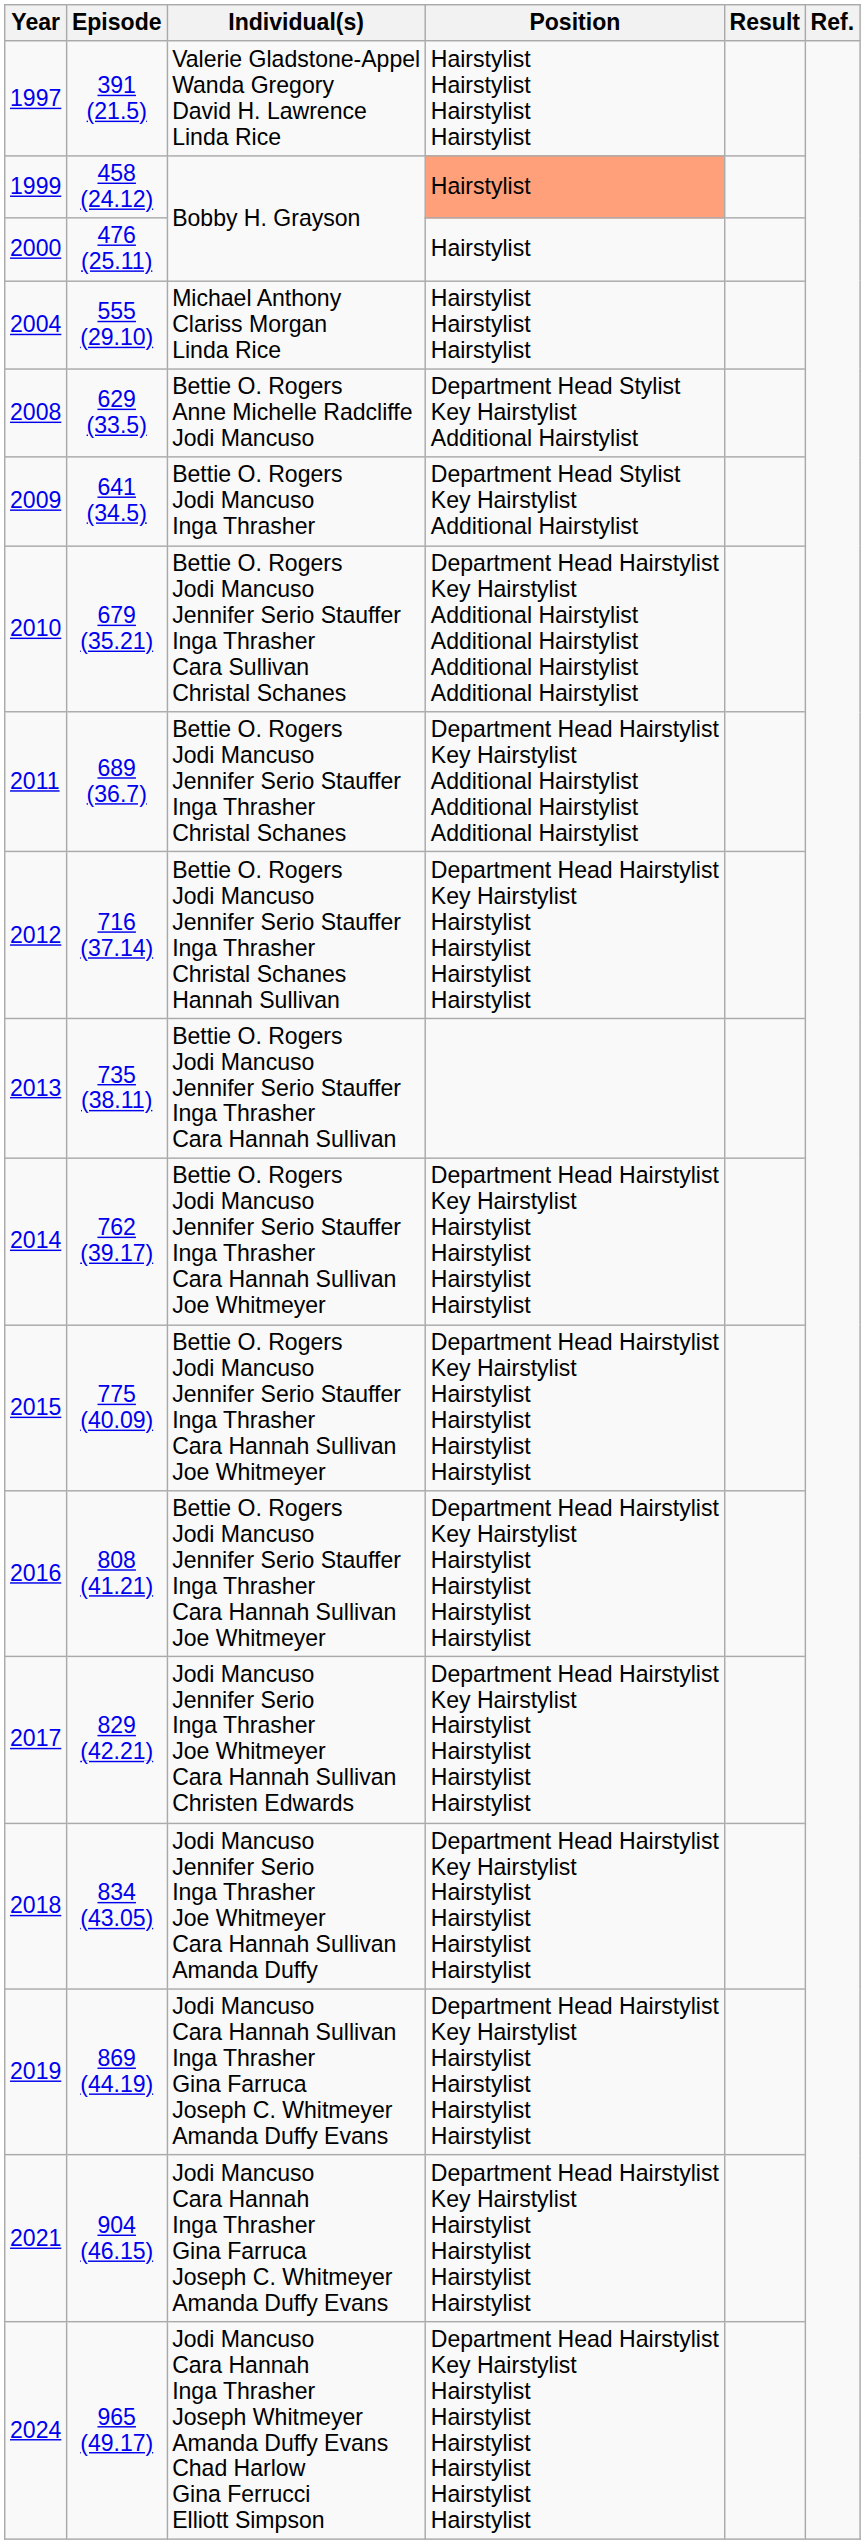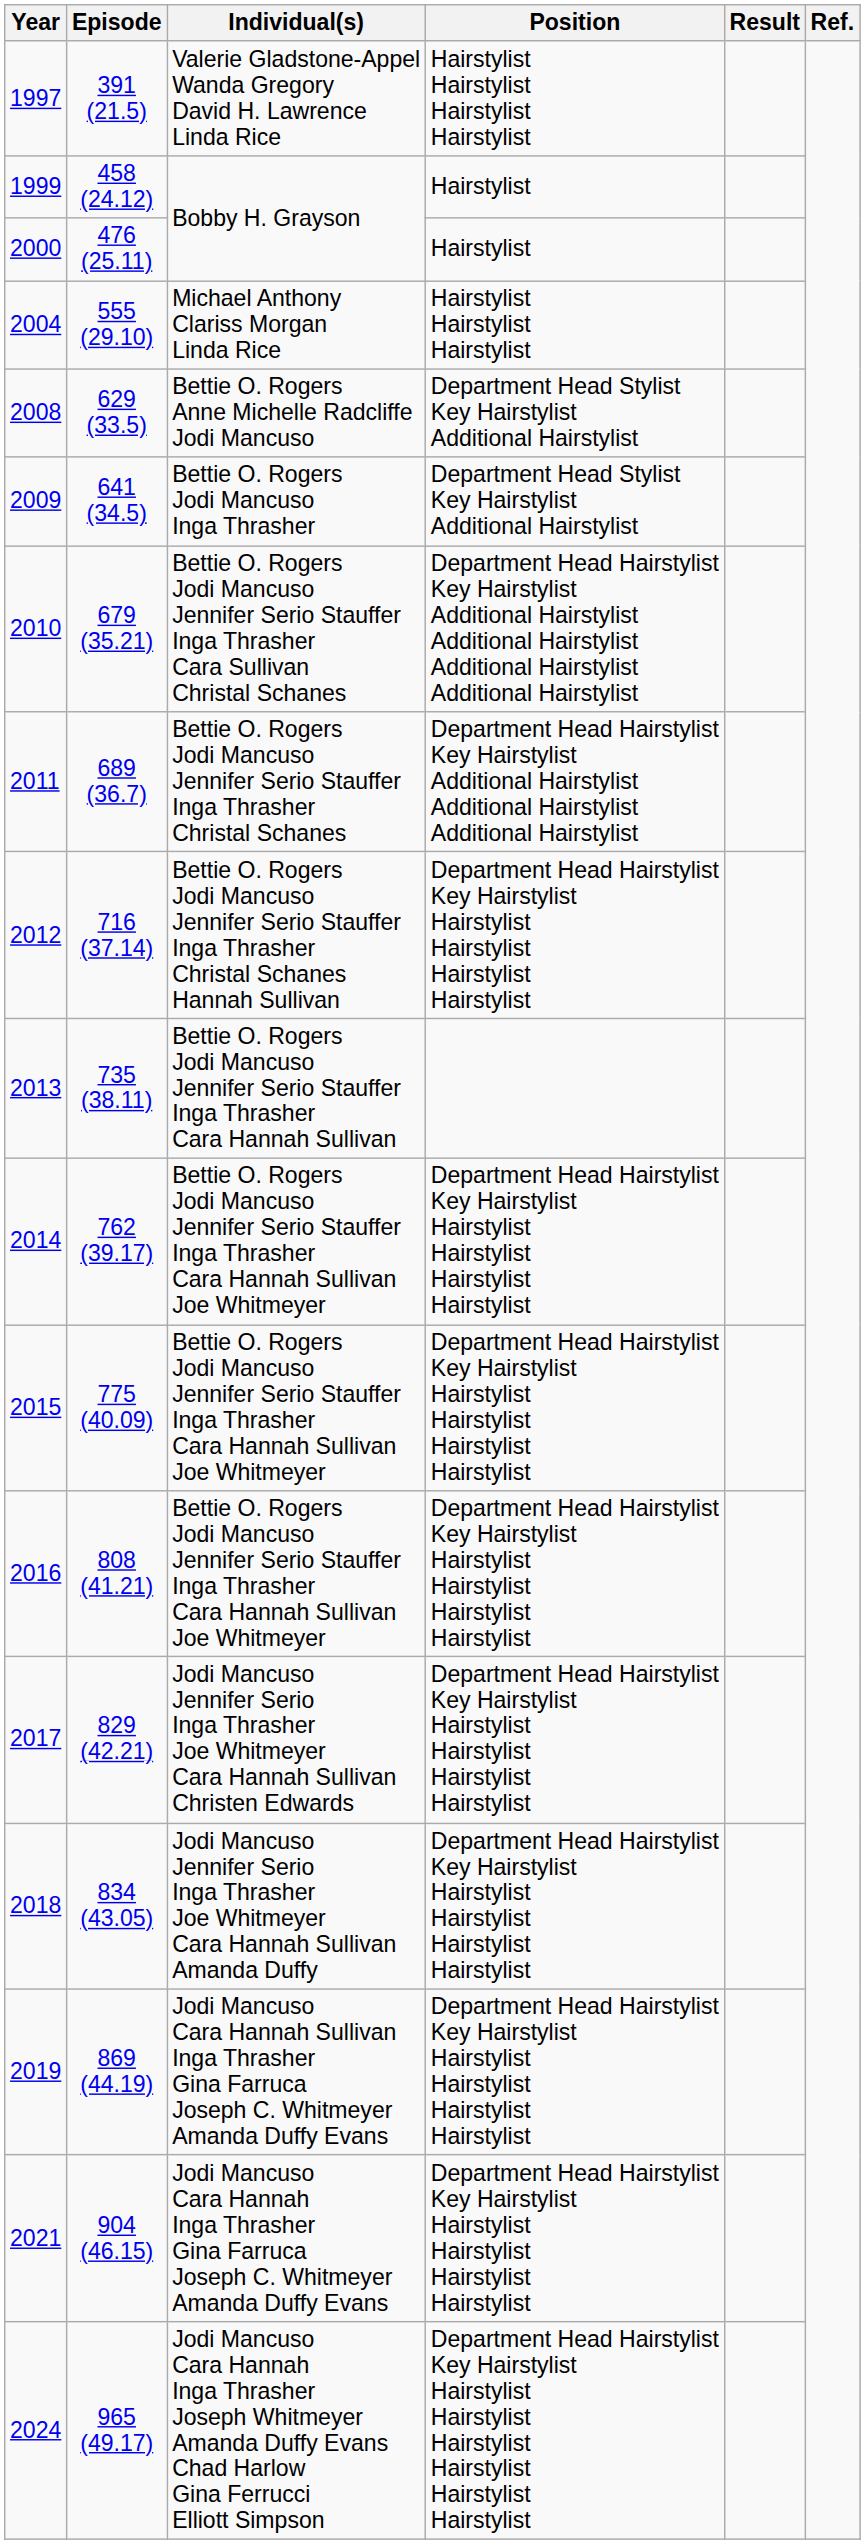 <table class="wikitable">
 <tr>
 <th>Year</th>
 <th>Episode</th>
 <th>Individual(s)</th>
 <th>Position</th>
 <th>Result</th>
 <th>Ref.</th>
 </tr>
 <tr>
 <td><a href='#'>1997</a></td>
 <td align="center"><a href='#'>391 <br> (21.5)</a></td>
 <td>Valerie Gladstone-Appel <br> Wanda Gregory <br> David H. Lawrence <br> Linda Rice</td>
 <td>Hairstylist <br> Hairstylist <br> Hairstylist <br> Hairstylist</td>
 <td></td>
 <td rowspan="18" align="center"></td>
 </tr>
 <tr>
 <td><a href='#'>1999</a></td>
 <td align="center"><a href='#'>458 <br> (24.12)</a></td>
 <td rowspan="2">Bobby H. Grayson</td>
-<td style="background: lightsalmon;">Hairstylist</td>
+<td>Hairstylist</td>
 <td></td>
 </tr>
 <tr>
 <td><a href='#'>2000</a></td>
 <td align="center"><a href='#'>476 <br> (25.11)</a></td>
 <td>Hairstylist</td>
 <td></td>
 </tr>
 <tr>
 <td><a href='#'>2004</a></td>
 <td align="center"><a href='#'>555 <br> (29.10)</a></td>
 <td>Michael Anthony <br> Clariss Morgan <br> Linda Rice</td>
 <td>Hairstylist <br> Hairstylist <br> Hairstylist</td>
 <td></td>
 </tr>
 <tr>
 <td><a href='#'>2008</a></td>
 <td align="center"><a href='#'>629 <br> (33.5)</a></td>
 <td>Bettie O. Rogers <br> Anne Michelle Radcliffe <br> Jodi Mancuso</td>
 <td>Department Head Stylist <br> Key Hairstylist <br> Additional Hairstylist</td>
 <td></td>
 </tr>
 <tr>
 <td><a href='#'>2009</a></td>
 <td align="center"><a href='#'>641 <br> (34.5)</a></td>
 <td>Bettie O. Rogers <br> Jodi Mancuso <br> Inga Thrasher</td>
 <td>Department Head Stylist <br> Key Hairstylist <br> Additional Hairstylist</td>
 <td></td>
 </tr>
 <tr>
 <td><a href='#'>2010</a></td>
 <td align="center"><a href='#'>679 <br>(35.21)</a></td>
 <td>Bettie O. Rogers <br> Jodi Mancuso <br> Jennifer Serio Stauffer <br> Inga Thrasher <br> Cara Sullivan <br> Christal Schanes</td>
 <td>Department Head Hairstylist <br> Key Hairstylist <br> Additional Hairstylist <br> Additional Hairstylist <br> Additional Hairstylist <br> Additional Hairstylist</td>
 <td></td>
 </tr>
 <tr>
 <td><a href='#'>2011</a></td>
 <td align="center"><a href='#'>689 <br> (36.7)</a></td>
 <td>Bettie O. Rogers <br> Jodi Mancuso <br> Jennifer Serio Stauffer <br> Inga Thrasher <br> Christal Schanes</td>
 <td>Department Head Hairstylist <br> Key Hairstylist <br> Additional Hairstylist <br> Additional Hairstylist <br> Additional Hairstylist</td>
 <td></td>
 </tr>
 <tr>
 <td><a href='#'>2012</a></td>
 <td align="center"><a href='#'>716 <br> (37.14)</a></td>
 <td>Bettie O. Rogers <br> Jodi Mancuso <br> Jennifer Serio Stauffer <br> Inga Thrasher <br> Christal Schanes <br> Hannah Sullivan</td>
 <td>Department Head Hairstylist <br> Key Hairstylist <br> Hairstylist <br> Hairstylist <br> Hairstylist <br> Hairstylist</td>
 <td></td>
 </tr>
 <tr>
 <td><a href='#'>2013</a></td>
 <td align="center"><a href='#'>735 <br> (38.11)</a></td>
 <td>Bettie O. Rogers <br> Jodi Mancuso <br> Jennifer Serio Stauffer <br> Inga Thrasher <br>Cara Hannah Sullivan</td>
 <td></td>
 <td></td>
 </tr>
 <tr>
 <td><a href='#'>2014</a></td>
 <td align="center"><a href='#'>762 <br> (39.17)</a></td>
 <td>Bettie O. Rogers <br> Jodi Mancuso <br> Jennifer Serio Stauffer <br> Inga Thrasher <br>Cara Hannah Sullivan <br> Joe Whitmeyer</td>
 <td>Department Head Hairstylist <br> Key Hairstylist <br> Hairstylist <br> Hairstylist <br> Hairstylist <br> Hairstylist</td>
 <td></td>
 </tr>
 <tr>
 <td><a href='#'>2015</a></td>
 <td align="center"><a href='#'>775 <br> (40.09)</a></td>
 <td>Bettie O. Rogers <br> Jodi Mancuso <br> Jennifer Serio Stauffer <br> Inga Thrasher <br>Cara Hannah Sullivan <br> Joe Whitmeyer</td>
 <td>Department Head Hairstylist <br> Key Hairstylist <br> Hairstylist <br> Hairstylist <br> Hairstylist <br> Hairstylist</td>
 <td></td>
 </tr>
 <tr>
 <td><a href='#'>2016</a></td>
 <td align="center"><a href='#'>808 <br> (41.21)</a></td>
 <td>Bettie O. Rogers <br> Jodi Mancuso <br> Jennifer Serio Stauffer <br> Inga Thrasher <br>Cara Hannah Sullivan <br> Joe Whitmeyer</td>
 <td>Department Head Hairstylist <br> Key Hairstylist <br> Hairstylist <br> Hairstylist <br> Hairstylist <br> Hairstylist</td>
 <td></td>
 </tr>
 <tr>
 <td><a href='#'>2017</a></td>
 <td align="center"><a href='#'>829 <br> (42.21)</a></td>
 <td>Jodi Mancuso <br> Jennifer Serio <br> Inga Thrasher <br> Joe Whitmeyer <br> Cara Hannah Sullivan <br> Christen Edwards</td>
 <td>Department Head Hairstylist <br> Key Hairstylist <br> Hairstylist <br> Hairstylist <br> Hairstylist <br> Hairstylist</td>
 <td></td>
 </tr>
 <tr>
 <td><a href='#'>2018</a></td>
 <td align="center"><a href='#'>834 <br> (43.05)</a></td>
 <td>Jodi Mancuso <br> Jennifer Serio <br> Inga Thrasher <br> Joe Whitmeyer <br> Cara Hannah Sullivan <br> Amanda Duffy</td>
 <td>Department Head Hairstylist <br> Key Hairstylist <br> Hairstylist <br> Hairstylist <br> Hairstylist <br> Hairstylist</td>
 <td></td>
 </tr>
 <tr>
 <td><a href='#'>2019</a></td>
 <td align="center"><a href='#'>869 <br> (44.19)</a></td>
 <td>Jodi Mancuso <br> Cara Hannah Sullivan <br> Inga Thrasher <br> Gina Farruca <br> Joseph C. Whitmeyer <br> Amanda Duffy Evans</td>
 <td>Department Head Hairstylist <br> Key Hairstylist <br> Hairstylist <br> Hairstylist <br> Hairstylist <br> Hairstylist</td>
 <td></td>
 </tr>
 <tr>
 <td><a href='#'>2021</a></td>
 <td align="center"><a href='#'>904 <br> (46.15)</a></td>
 <td>Jodi Mancuso <br> Cara Hannah <br> Inga Thrasher <br> Gina Farruca <br> Joseph C. Whitmeyer <br> Amanda Duffy Evans</td>
 <td>Department Head Hairstylist <br> Key Hairstylist <br> Hairstylist <br> Hairstylist <br> Hairstylist <br> Hairstylist</td>
 <td></td>
 </tr>
 <tr>
 <td><a href='#'>2024</a></td>
 <td align="center"><a href='#'>965 <br> (49.17)</a></td>
 <td>Jodi Mancuso <br> Cara Hannah <br> Inga Thrasher <br> Joseph Whitmeyer <br> Amanda Duffy Evans <br> Chad Harlow <br> Gina Ferrucci <br> Elliott Simpson</td>
 <td>Department Head Hairstylist <br> Key Hairstylist <br> Hairstylist <br> Hairstylist <br> Hairstylist <br> Hairstylist <br> Hairstylist <br> Hairstylist</td>
 <td></td>
 </tr>
 </table>
